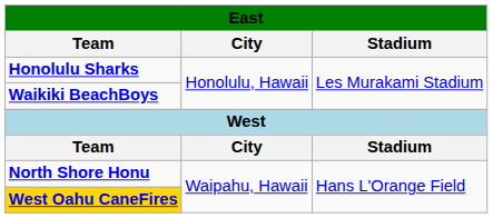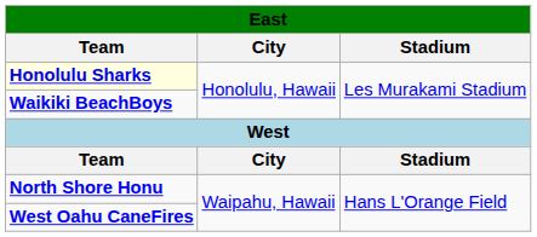 <table class="wikitable">
 <tr>
 <td style="background:green; text-align:center;" colspan="3"><strong><span>East</span></strong></td>
 </tr>
 <tr>
 <th>Team</th>
 <th>City</th>
 <th>Stadium</th>
 </tr>
 <tr>
-<td><strong><a href='#'>Honolulu Sharks</a></strong></td>
+<td style="background: lightyellow;"><strong><a href='#'>Honolulu Sharks</a></strong></td>
 <td rowspan="2"><a href='#'>Honolulu, Hawaii</a></td>
 <td rowspan="2"><a href='#'>Les Murakami Stadium</a></td>
 </tr>
 <tr>
 <td><strong><a href='#'>Waikiki BeachBoys</a></strong></td>
 </tr>
 <tr>
 <td style="background:lightblue; text-align:center;" colspan="3"><strong><span>West</span></strong></td>
 </tr>
 <tr>
 <th>Team</th>
 <th>City</th>
 <th>Stadium</th>
 </tr>
 <tr>
 <td><strong><a href='#'>North Shore Honu</a></strong></td>
 <td rowspan="2"><a href='#'>Waipahu, Hawaii</a></td>
 <td rowspan="2"><a href='#'>Hans L'Orange Field</a></td>
 </tr>
 <tr>
-<td style="background: gold;"><strong><a href='#'>West Oahu CaneFires</a></strong></td>
+<td><strong><a href='#'>West Oahu CaneFires</a></strong></td>
 </tr>
 </table>
